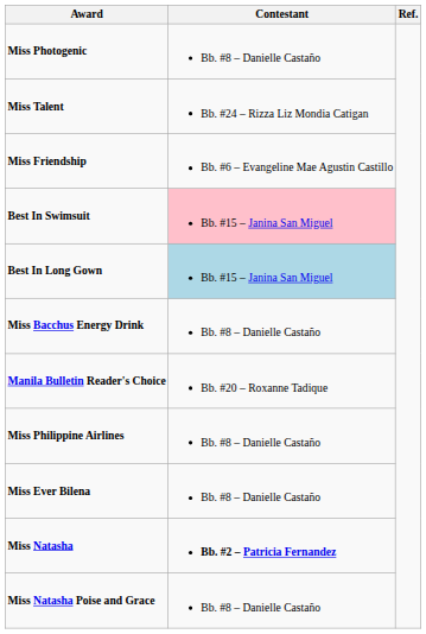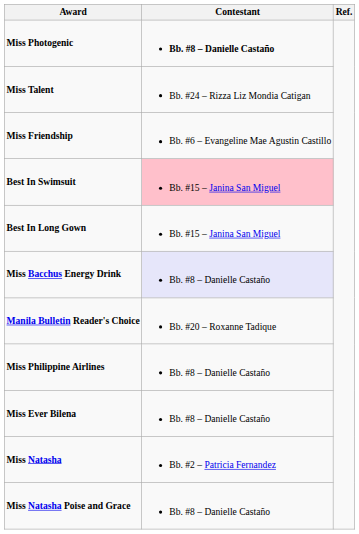 <table class="wikitable " style="font-size: 95%;">
 <tr>
 <th>Award</th>
 <th>Contestant</th>
 <th>Ref.</th>
 </tr>
 <tr>
 <td><strong>Miss Photogenic</strong></td>
-<td><br><ul><li>Bb. #8 – Danielle Castaño</li></ul></td>
+<td><strong><br><ul><li>Bb. #8 – Danielle Castaño</li></ul></strong></td>
 <td rowspan="11"></td>
 </tr>
 <tr>
 <td><strong>Miss Talent</strong></td>
 <td><br><ul><li>Bb. #24 – Rizza Liz Mondia Catigan</li></ul></td>
 </tr>
 <tr>
 <td><strong>Miss Friendship</strong></td>
 <td><br><ul><li>Bb. #6 – Evangeline Mae Agustin Castillo</li></ul></td>
 </tr>
 <tr>
 <td><strong>Best In Swimsuit</strong></td>
 <td style="background: pink;"><br><ul><li>Bb. #15 – <a href='#'>Janina San Miguel</a></li></ul></td>
 </tr>
 <tr>
 <td><strong>Best In Long Gown</strong></td>
-<td style="background: lightblue;"><br><ul><li>Bb. #15 – <a href='#'>Janina San Miguel</a></li></ul></td>
+<td><br><ul><li>Bb. #15 – <a href='#'>Janina San Miguel</a></li></ul></td>
 </tr>
 <tr>
 <td><strong>Miss <a href='#'>Bacchus</a> Energy Drink</strong></td>
-<td><br><ul><li>Bb. #8 – Danielle Castaño</li></ul></td>
+<td style="background: lavender;"><br><ul><li>Bb. #8 – Danielle Castaño</li></ul></td>
 </tr>
 <tr>
 <td><strong><a href='#'>Manila Bulletin</a> Reader's Choice</strong></td>
 <td><br><ul><li>Bb. #20 – Roxanne Tadique</li></ul></td>
 </tr>
 <tr>
 <td><strong>Miss Philippine Airlines</strong></td>
 <td><br><ul><li>Bb. #8 – Danielle Castaño</li></ul></td>
 </tr>
 <tr>
 <td><strong>Miss Ever Bilena</strong></td>
 <td><br><ul><li>Bb. #8 – Danielle Castaño</li></ul></td>
 </tr>
 <tr>
 <td><strong>Miss <a href='#'>Natasha</a></strong></td>
-<td><strong><br><ul><li>Bb. #2 – <a href='#'>Patricia Fernandez</a></li></ul></strong></td>
+<td><br><ul><li>Bb. #2 – <a href='#'>Patricia Fernandez</a></li></ul></td>
 </tr>
 <tr>
 <td><strong>Miss <a href='#'>Natasha</a> Poise and Grace</strong></td>
 <td><br><ul><li>Bb. #8 – Danielle Castaño</li></ul></td>
 </tr>
 </table>
